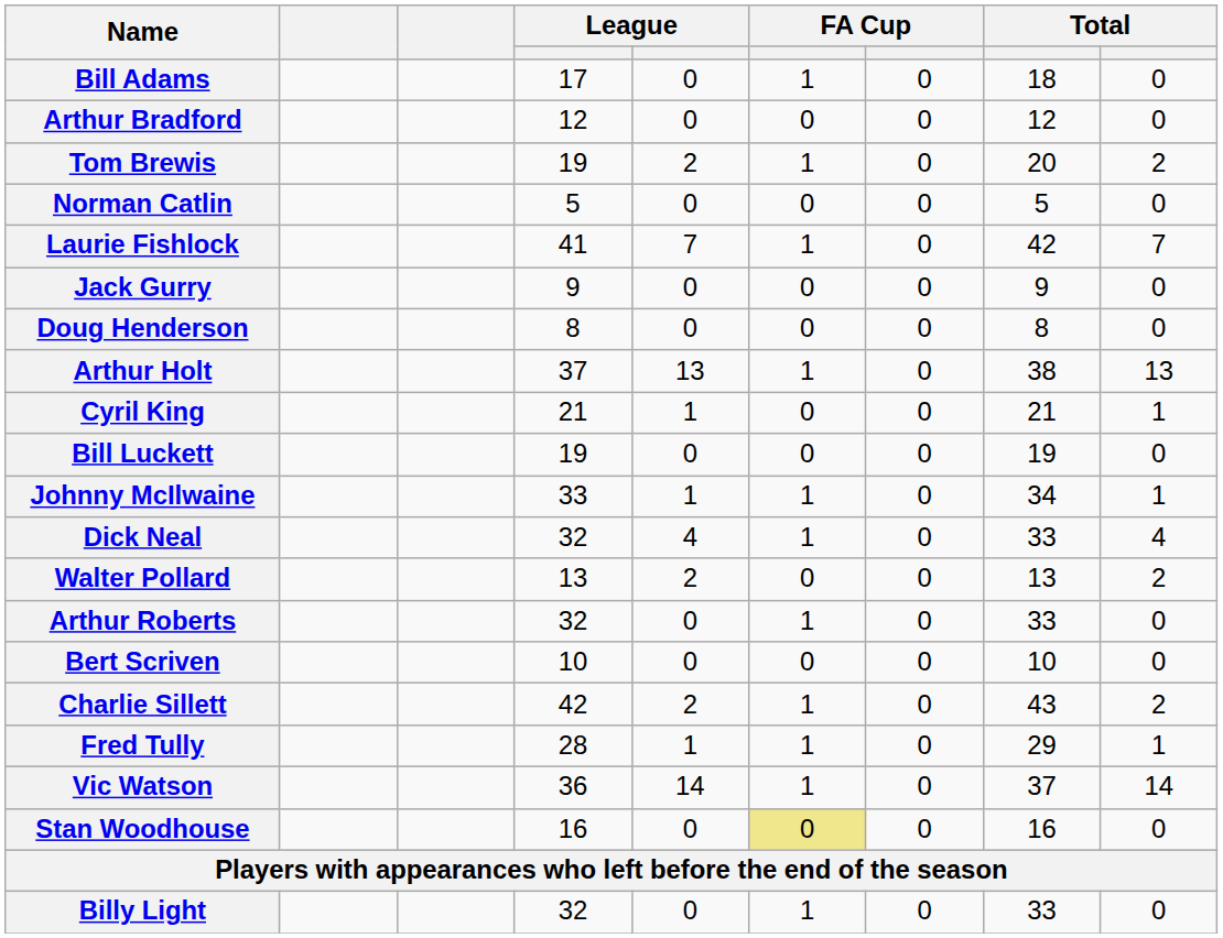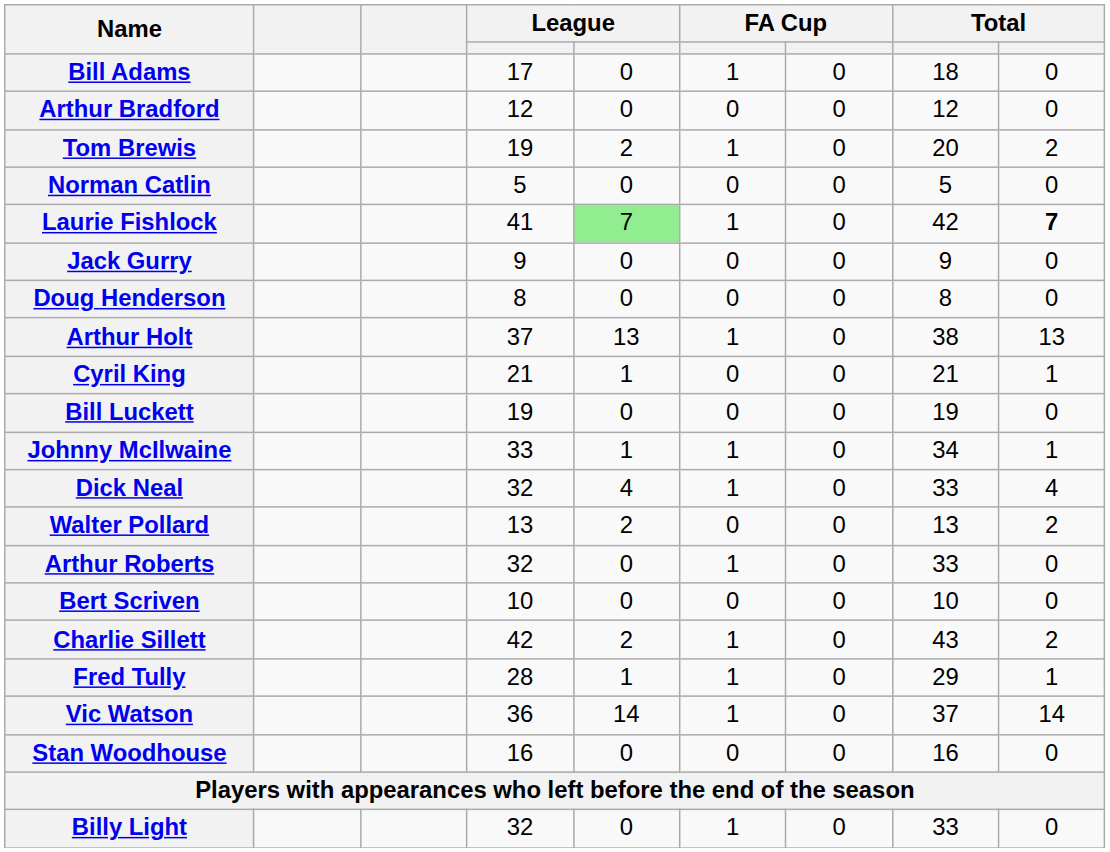 <table class="wikitable plainrowheaders" style="text-align:center;">
 <tr>
 <th scope="col" rowspan="2" style="width:10em;">Name</th>
 <th scope="col" rowspan="2" style="width:4em;"></th>
 <th scope="col" rowspan="2" style="width:4em;"></th>
 <th scope="col" colspan="2">League</th>
 <th scope="col" colspan="2">FA Cup</th>
 <th scope="col" colspan="2">Total</th>
 </tr>
 <tr>
 <th scope="col" style="width:4em;"></th>
 <th scope="col" style="width:4em;"></th>
 <th scope="col" style="width:4em;"></th>
 <th scope="col" style="width:4em;"></th>
 <th scope="col" style="width:4em;"></th>
 <th scope="col" style="width:4em;"></th>
 </tr>
 <tr>
 <th scope="row"><a href='#'>Bill Adams</a></th>
 <td></td>
 <td></td>
 <td>17</td>
 <td>0</td>
 <td>1</td>
 <td>0</td>
 <td>18</td>
 <td>0</td>
 </tr>
 <tr>
 <th scope="row"><a href='#'>Arthur Bradford</a></th>
 <td></td>
 <td></td>
 <td>12</td>
 <td>0</td>
 <td>0</td>
 <td>0</td>
 <td>12</td>
 <td>0</td>
 </tr>
 <tr>
 <th scope="row"><a href='#'>Tom Brewis</a></th>
 <td></td>
 <td></td>
 <td>19</td>
 <td>2</td>
 <td>1</td>
 <td>0</td>
 <td>20</td>
 <td>2</td>
 </tr>
 <tr>
 <th scope="row"><a href='#'>Norman Catlin</a></th>
 <td></td>
 <td></td>
 <td>5</td>
 <td>0</td>
 <td>0</td>
 <td>0</td>
 <td>5</td>
 <td>0</td>
 </tr>
 <tr>
 <th scope="row"><a href='#'>Laurie Fishlock</a></th>
 <td></td>
 <td></td>
 <td>41</td>
-<td>7</td>
+<td style="background: lightgreen;">7</td>
 <td>1</td>
 <td>0</td>
 <td>42</td>
-<td>7</td>
+<td><strong>7</strong></td>
 </tr>
 <tr>
 <th scope="row"><a href='#'>Jack Gurry</a></th>
 <td></td>
 <td></td>
 <td>9</td>
 <td>0</td>
 <td>0</td>
 <td>0</td>
 <td>9</td>
 <td>0</td>
 </tr>
 <tr>
 <th scope="row"><a href='#'>Doug Henderson</a></th>
 <td></td>
 <td></td>
 <td>8</td>
 <td>0</td>
 <td>0</td>
 <td>0</td>
 <td>8</td>
 <td>0</td>
 </tr>
 <tr>
 <th scope="row"><a href='#'>Arthur Holt</a></th>
 <td></td>
 <td></td>
 <td>37</td>
 <td>13</td>
 <td>1</td>
 <td>0</td>
 <td>38</td>
 <td>13</td>
 </tr>
 <tr>
 <th scope="row"><a href='#'>Cyril King</a></th>
 <td></td>
 <td></td>
 <td>21</td>
 <td>1</td>
 <td>0</td>
 <td>0</td>
 <td>21</td>
 <td>1</td>
 </tr>
 <tr>
 <th scope="row"><a href='#'>Bill Luckett</a></th>
 <td></td>
 <td></td>
 <td>19</td>
 <td>0</td>
 <td>0</td>
 <td>0</td>
 <td>19</td>
 <td>0</td>
 </tr>
 <tr>
 <th scope="row"><a href='#'>Johnny McIlwaine</a></th>
 <td></td>
 <td></td>
 <td>33</td>
 <td>1</td>
 <td>1</td>
 <td>0</td>
 <td>34</td>
 <td>1</td>
 </tr>
 <tr>
 <th scope="row"><a href='#'>Dick Neal</a></th>
 <td></td>
 <td></td>
 <td>32</td>
 <td>4</td>
 <td>1</td>
 <td>0</td>
 <td>33</td>
 <td>4</td>
 </tr>
 <tr>
 <th scope="row"><a href='#'>Walter Pollard</a></th>
 <td></td>
 <td></td>
 <td>13</td>
 <td>2</td>
 <td>0</td>
 <td>0</td>
 <td>13</td>
 <td>2</td>
 </tr>
 <tr>
 <th scope="row"><a href='#'>Arthur Roberts</a></th>
 <td></td>
 <td></td>
 <td>32</td>
 <td>0</td>
 <td>1</td>
 <td>0</td>
 <td>33</td>
 <td>0</td>
 </tr>
 <tr>
 <th scope="row"><a href='#'>Bert Scriven</a></th>
 <td></td>
 <td></td>
 <td>10</td>
 <td>0</td>
 <td>0</td>
 <td>0</td>
 <td>10</td>
 <td>0</td>
 </tr>
 <tr>
 <th scope="row"><a href='#'>Charlie Sillett</a></th>
 <td></td>
 <td></td>
 <td>42</td>
 <td>2</td>
 <td>1</td>
 <td>0</td>
 <td>43</td>
 <td>2</td>
 </tr>
 <tr>
 <th scope="row"><a href='#'>Fred Tully</a></th>
 <td></td>
 <td></td>
 <td>28</td>
 <td>1</td>
 <td>1</td>
 <td>0</td>
 <td>29</td>
 <td>1</td>
 </tr>
 <tr>
 <th scope="row"><a href='#'>Vic Watson</a></th>
 <td></td>
 <td></td>
 <td>36</td>
 <td>14</td>
 <td>1</td>
 <td>0</td>
 <td>37</td>
 <td>14</td>
 </tr>
 <tr>
 <th scope="row"><a href='#'>Stan Woodhouse</a></th>
 <td></td>
 <td></td>
 <td>16</td>
 <td>0</td>
-<td style="background: khaki;">0</td>
+<td>0</td>
 <td>0</td>
 <td>16</td>
 <td>0</td>
 </tr>
 <tr>
 <th scope="col" colspan="11">Players with appearances who left before the end of the season</th>
 </tr>
 <tr>
 <th scope="row"><a href='#'>Billy Light</a></th>
 <td></td>
 <td></td>
 <td>32</td>
 <td>0</td>
 <td>1</td>
 <td>0</td>
 <td>33</td>
 <td>0</td>
 </tr>
 </table>
